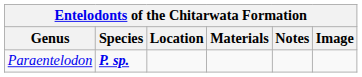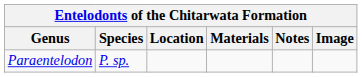 <table class="wikitable">
 <tr>
 <th colspan="7" align="center"><strong><a href='#'>Entelodonts</a> of the Chitarwata Formation</strong></th>
 </tr>
 <tr>
 <th>Genus</th>
 <th>Species</th>
 <th>Location</th>
 <th>Materials</th>
 <th>Notes</th>
 <th>Image</th>
 </tr>
 <tr>
 <td><em><a href='#'>Paraentelodon</a></em></td>
-<td><strong><em><a href='#'>P. sp.</a></em></strong></td>
+<td><em><a href='#'>P. sp.</a></em></td>
 <td></td>
 <td></td>
 <td></td>
 <td></td>
 </tr>
 </table>
